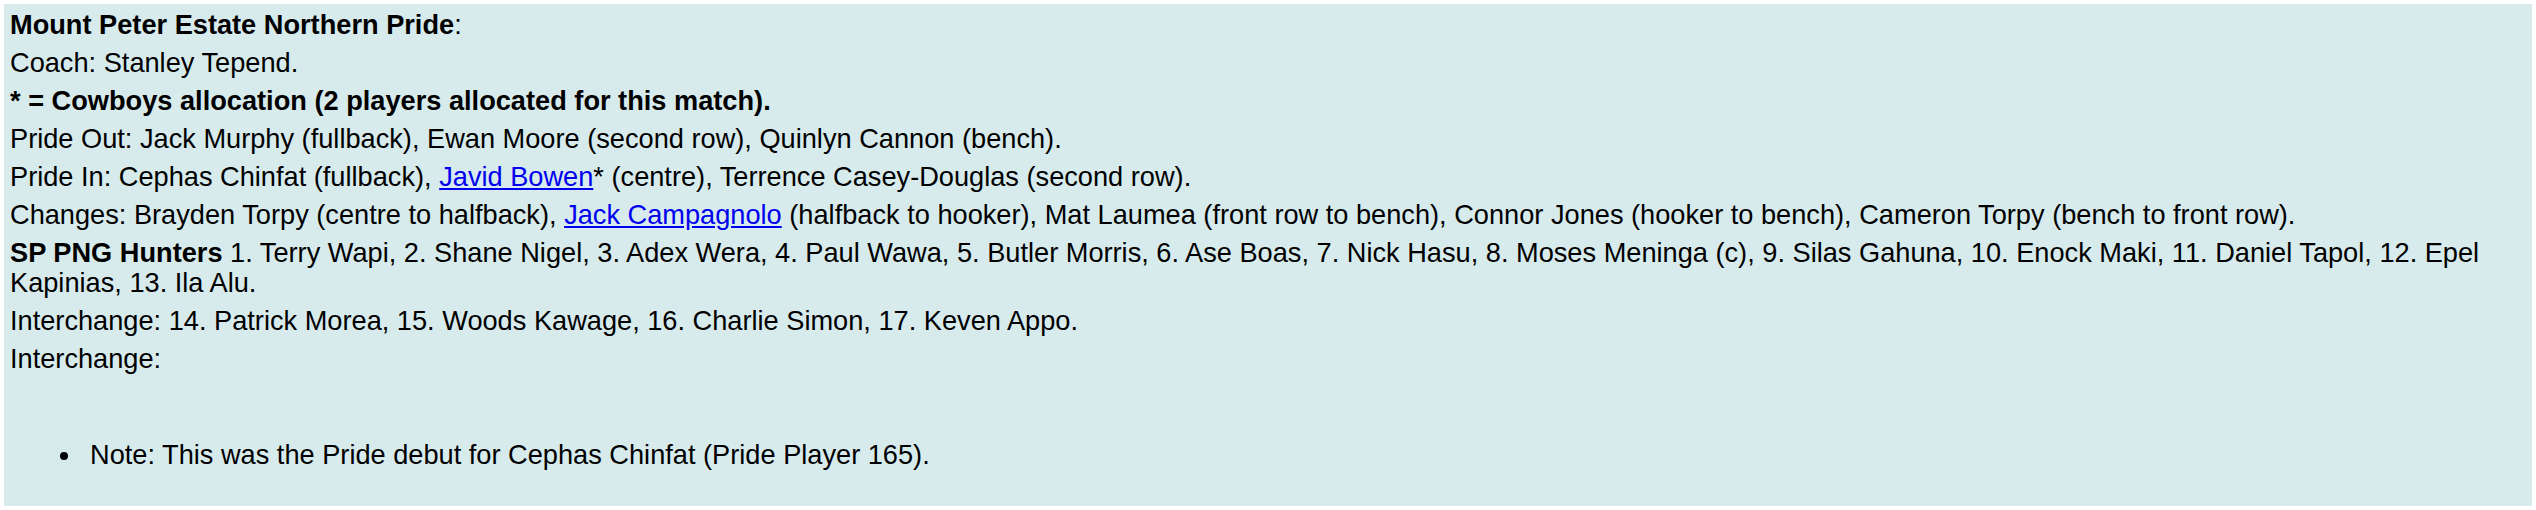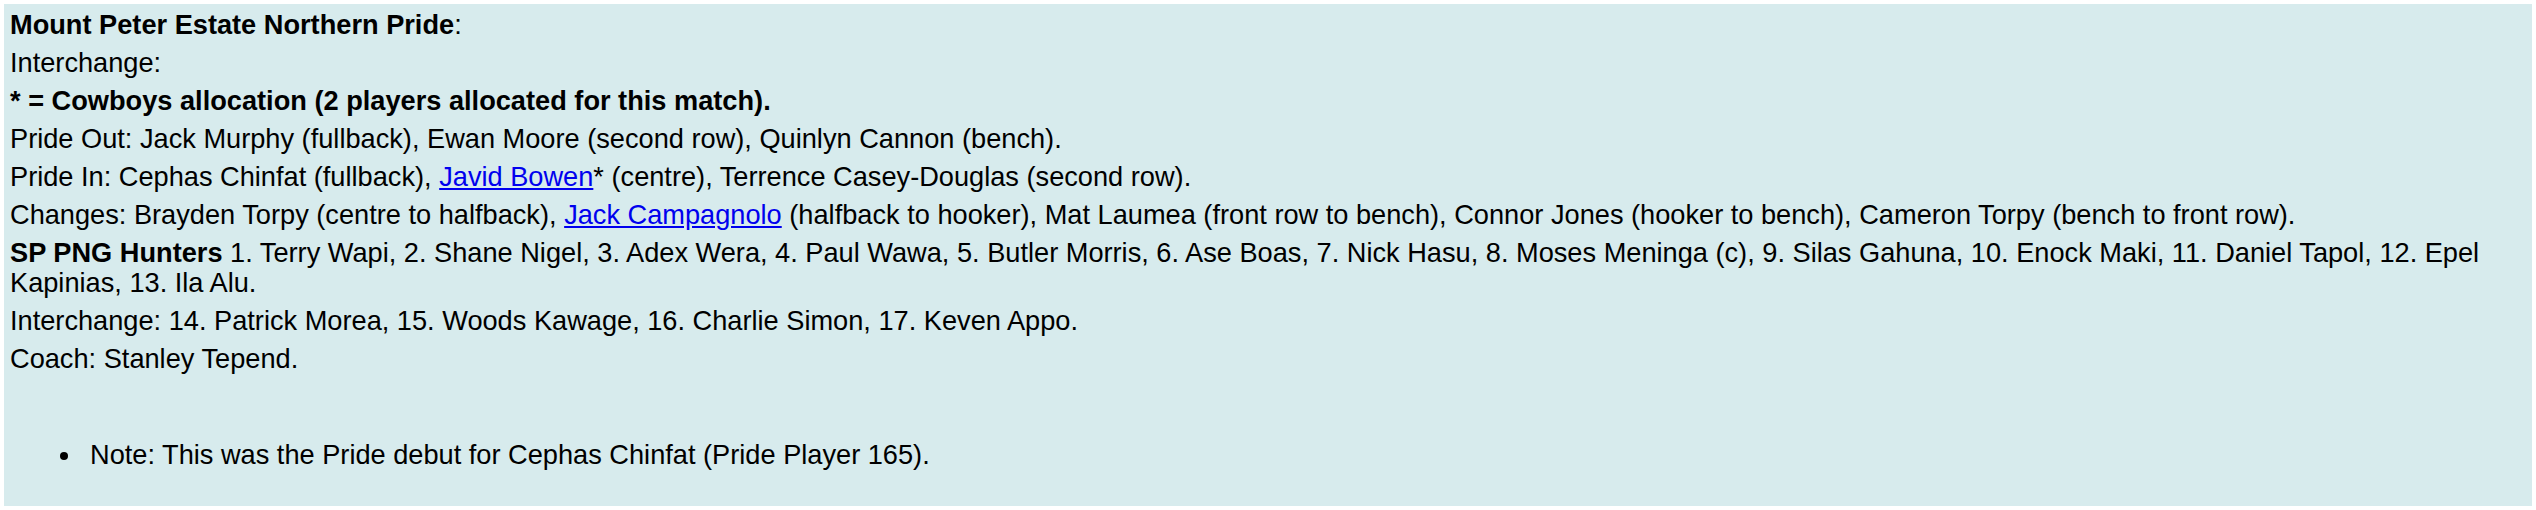 <table style="background:#d7ebed; font-size:85%; width:100%;">
 <tr>
 <td><strong>Mount Peter Estate Northern Pride</strong>:             </td>
 </tr>
 <tr>
-<td>Coach: Stanley Tepend.</td>
+<td>Interchange:    </td>
 </tr>
 <tr>
 <td><strong>* = Cowboys allocation (2 players allocated for this match).</strong></td>
 </tr>
 <tr>
 <td>Pride Out: Jack Murphy (fullback), Ewan Moore (second row), Quinlyn Cannon (bench).</td>
 </tr>
 <tr>
 <td>Pride In: Cephas Chinfat (fullback), <a href='#'>Javid Bowen</a>* (centre), Terrence Casey-Douglas (second row).</td>
 </tr>
 <tr>
 <td>Changes: Brayden Torpy (centre to halfback), <a href='#'>Jack Campagnolo</a> (halfback to hooker), Mat Laumea (front row to bench), Connor Jones (hooker to bench), Cameron Torpy (bench to front row).</td>
 </tr>
 <tr>
 <td><strong>SP PNG Hunters</strong> 1. Terry Wapi, 2. Shane Nigel, 3.     Adex Wera, 4. Paul Wawa, 5. Butler Morris, 6. Ase Boas, 7. Nick Hasu, 8. Moses Meninga (c), 9. Silas Gahuna, 10. Enock Maki, 11. Daniel Tapol, 12. Epel Kapinias, 13. Ila Alu.</td>
 </tr>
 <tr>
 <td>Interchange:  14. Patrick Morea, 15. Woods Kawage, 16. Charlie Simon, 17. Keven Appo.</td>
 </tr>
 <tr>
-<td>Interchange:    </td>
+<td>Coach: Stanley Tepend.</td>
 </tr>
 <tr>
 <td><br><ul><li>Note: This was the Pride debut for Cephas Chinfat (Pride Player 165).</li></ul></td>
 </tr>
 <tr>
 </tr>
 </table>
